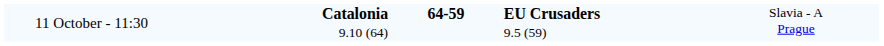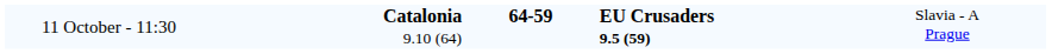 <table style="width: 100%; background:#F5FAFF;" cellspacing="0">
 <tr>
 <td style=font-size:95% align=center rowspan=3 width=20%>11 October - 11:30</td>
 </tr>
 <tr>
 <td width=24% align=right><strong>Catalonia</strong></td>
 <td align=center width=13%><strong>64-59</strong></td>
 <td width=24%><strong>EU Crusaders</strong></td>
 <td style=font-size:85% rowspan=3 valign=top align=center>Slavia - A <br><a href='#'>Prague</a></td>
 </tr>
 <tr style=font-size:85%>
 <td align=right>9.10 (64)</td>
 <td align=center></td>
-<td>9.5 (59)</td>
+<td><strong>9.5 (59)</strong></td>
 </tr>
 </table>
